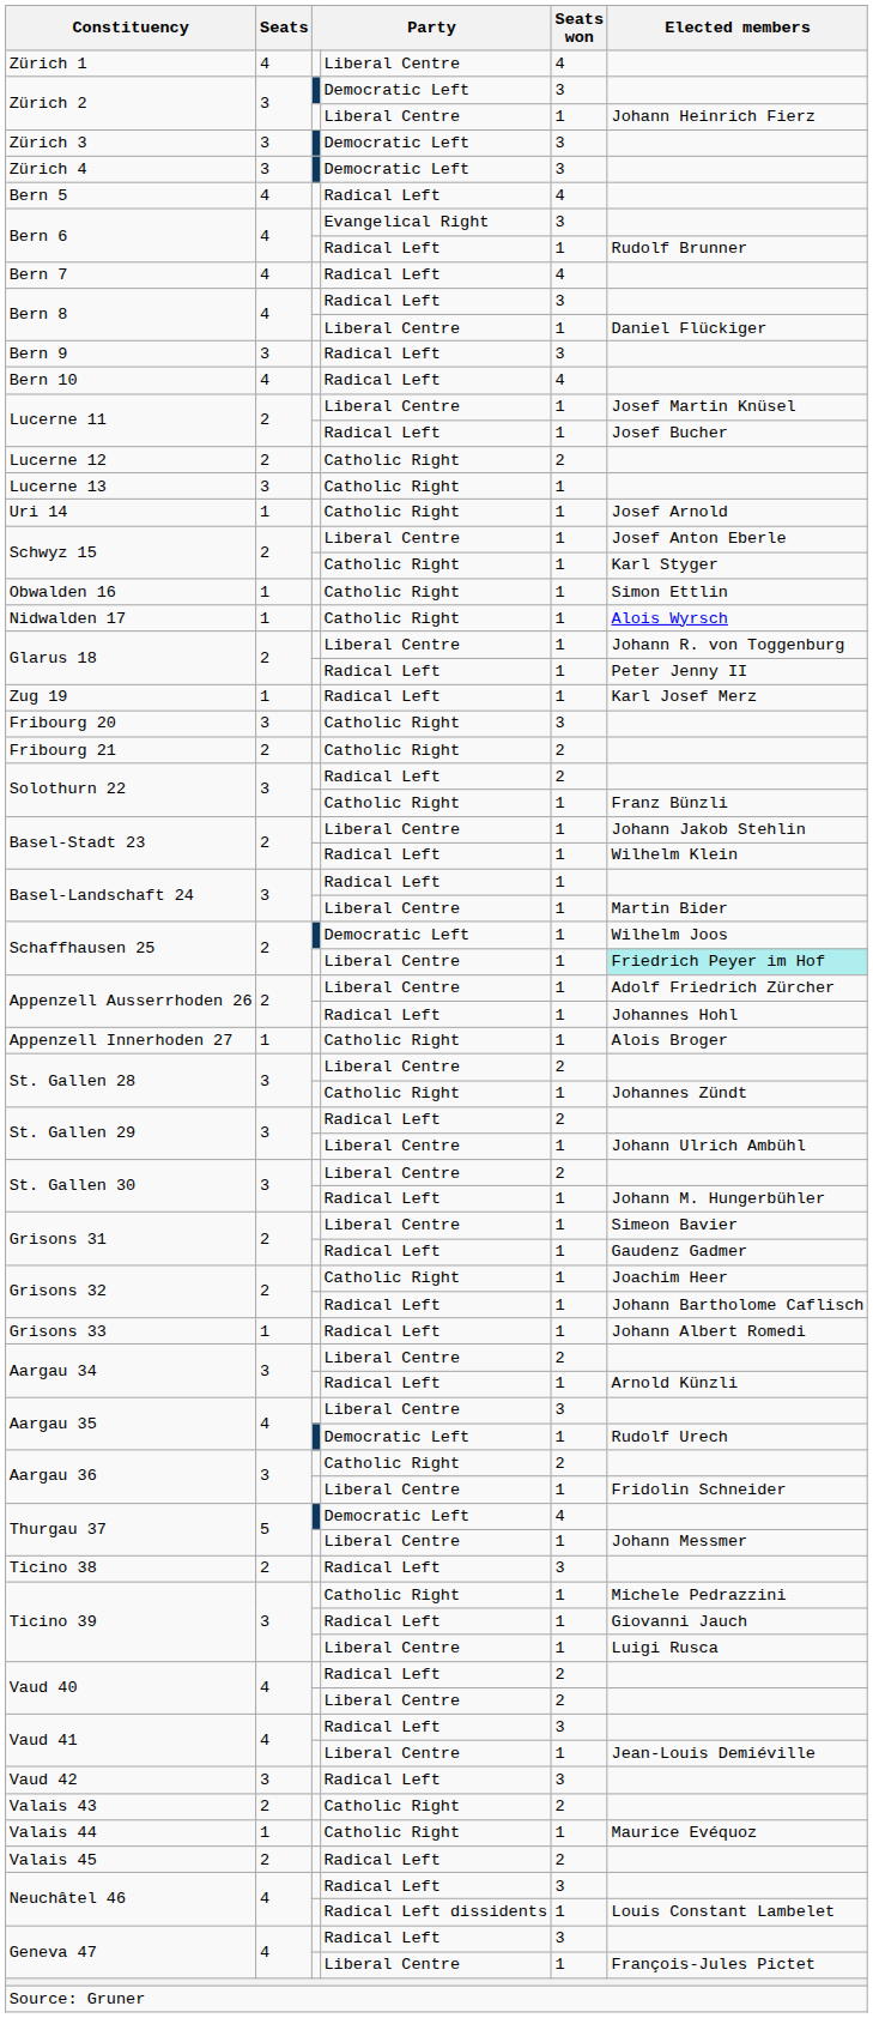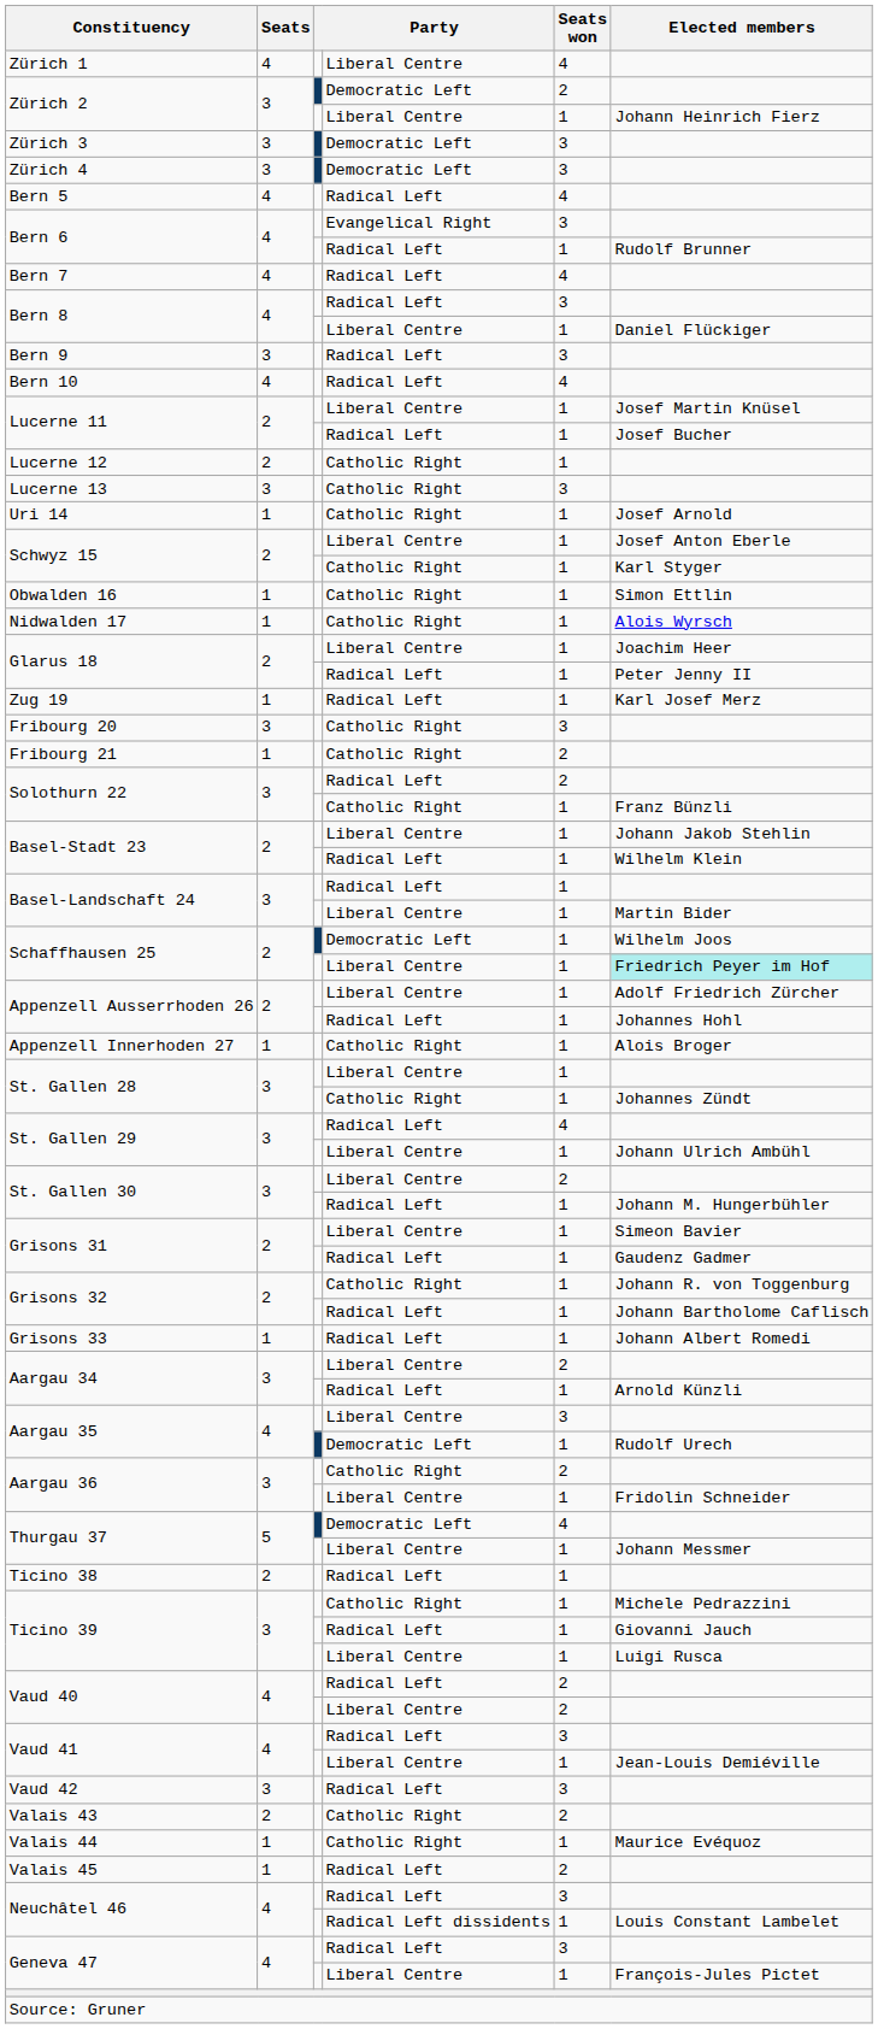 <table class="wikitable">
 <tr>
 <th>Constituency</th>
 <th>Seats</th>
 <th colspan="2">Party</th>
 <th>Seats<br>won</th>
 <th>Elected members</th>
 </tr>
 <tr>
 <td>Zürich 1</td>
 <td>4</td>
 <td style="color:inherit;background:"></td>
 <td>Liberal Centre</td>
 <td>4</td>
 <td></td>
 </tr>
 <tr>
 <td rowspan="2">Zürich 2</td>
 <td rowspan="2">3</td>
 <td style="color:inherit;background:#0B3861"></td>
 <td>Democratic Left</td>
-<td>3</td>
+<td>2</td>
 <td></td>
 </tr>
 <tr>
 <td style="color:inherit;background:"></td>
 <td>Liberal Centre</td>
 <td>1</td>
 <td>Johann Heinrich Fierz</td>
 </tr>
 <tr>
 <td>Zürich 3</td>
 <td>3</td>
 <td style="color:inherit;background:#0B3861"></td>
 <td>Democratic Left</td>
 <td>3</td>
 <td></td>
 </tr>
 <tr>
 <td>Zürich 4</td>
 <td>3</td>
 <td style="color:inherit;background:#0B3861"></td>
 <td>Democratic Left</td>
 <td>3</td>
 <td></td>
 </tr>
 <tr>
 <td>Bern 5</td>
 <td>4</td>
 <td style="color:inherit;background:"></td>
 <td>Radical Left</td>
 <td>4</td>
 <td></td>
 </tr>
 <tr>
 <td rowspan="2">Bern 6</td>
 <td rowspan="2">4</td>
 <td style="color:inherit;background:"></td>
 <td>Evangelical Right</td>
 <td>3</td>
 <td></td>
 </tr>
 <tr>
 <td style="color:inherit;background:"></td>
 <td>Radical Left</td>
 <td>1</td>
 <td>Rudolf Brunner</td>
 </tr>
 <tr>
 <td>Bern 7</td>
 <td>4</td>
 <td style="color:inherit;background:"></td>
 <td>Radical Left</td>
 <td>4</td>
 <td></td>
 </tr>
 <tr>
 <td rowspan="2">Bern 8</td>
 <td rowspan="2">4</td>
 <td style="color:inherit;background:"></td>
 <td>Radical Left</td>
 <td>3</td>
 <td></td>
 </tr>
 <tr>
 <td style="color:inherit;background:"></td>
 <td>Liberal Centre</td>
 <td>1</td>
 <td>Daniel Flückiger</td>
 </tr>
 <tr>
 <td>Bern 9</td>
 <td>3</td>
 <td style="color:inherit;background:"></td>
 <td>Radical Left</td>
 <td>3</td>
 <td></td>
 </tr>
 <tr>
 <td>Bern 10</td>
 <td>4</td>
 <td style="color:inherit;background:"></td>
 <td>Radical Left</td>
 <td>4</td>
 <td></td>
 </tr>
 <tr>
 <td rowspan="2">Lucerne 11</td>
 <td rowspan="2">2</td>
 <td style="color:inherit;background:"></td>
 <td>Liberal Centre</td>
 <td>1</td>
 <td>Josef Martin Knüsel</td>
 </tr>
 <tr>
 <td style="color:inherit;background:"></td>
 <td>Radical Left</td>
 <td>1</td>
 <td>Josef Bucher</td>
 </tr>
 <tr>
 <td>Lucerne 12</td>
 <td>2</td>
 <td style="color:inherit;background:"></td>
 <td>Catholic Right</td>
-<td>2</td>
+<td>1</td>
 <td></td>
 </tr>
 <tr>
 <td>Lucerne 13</td>
 <td>3</td>
 <td style="color:inherit;background:"></td>
 <td>Catholic Right</td>
-<td>1</td>
+<td>3</td>
 <td></td>
 </tr>
 <tr>
 <td>Uri 14</td>
 <td>1</td>
 <td style="color:inherit;background:"></td>
 <td>Catholic Right</td>
 <td>1</td>
 <td>Josef Arnold</td>
 </tr>
 <tr>
 <td rowspan="2">Schwyz 15</td>
 <td rowspan="2">2</td>
 <td style="color:inherit;background:"></td>
 <td>Liberal Centre</td>
 <td>1</td>
 <td>Josef Anton Eberle</td>
 </tr>
 <tr>
 <td style="color:inherit;background:"></td>
 <td>Catholic Right</td>
 <td>1</td>
 <td>Karl Styger</td>
 </tr>
 <tr>
 <td>Obwalden 16</td>
 <td>1</td>
 <td style="color:inherit;background:"></td>
 <td>Catholic Right</td>
 <td>1</td>
 <td>Simon Ettlin</td>
 </tr>
 <tr>
 <td>Nidwalden 17</td>
 <td>1</td>
 <td style="color:inherit;background:"></td>
 <td>Catholic Right</td>
 <td>1</td>
 <td><a href='#'>Alois Wyrsch</a></td>
 </tr>
 <tr>
 <td rowspan="2">Glarus 18</td>
 <td rowspan="2">2</td>
 <td style="color:inherit;background:"></td>
 <td>Liberal Centre</td>
 <td>1</td>
-<td>Johann R. von Toggenburg</td>
+<td>Joachim Heer</td>
 </tr>
 <tr>
 <td style="color:inherit;background:"></td>
 <td>Radical Left</td>
 <td>1</td>
 <td>Peter Jenny II</td>
 </tr>
 <tr>
 <td>Zug 19</td>
 <td>1</td>
 <td style="color:inherit;background:"></td>
 <td>Radical Left</td>
 <td>1</td>
 <td>Karl Josef Merz</td>
 </tr>
 <tr>
 <td>Fribourg 20</td>
 <td>3</td>
 <td style="color:inherit;background:"></td>
 <td>Catholic Right</td>
 <td>3</td>
 <td></td>
 </tr>
 <tr>
 <td>Fribourg 21</td>
-<td>2</td>
+<td>1</td>
 <td style="color:inherit;background:"></td>
 <td>Catholic Right</td>
 <td>2</td>
 <td></td>
 </tr>
 <tr>
 <td rowspan="2">Solothurn 22</td>
 <td rowspan="2">3</td>
 <td style="color:inherit;background:"></td>
 <td>Radical Left</td>
 <td>2</td>
 <td></td>
 </tr>
 <tr>
 <td style="color:inherit;background:"></td>
 <td>Catholic Right</td>
 <td>1</td>
 <td>Franz Bünzli</td>
 </tr>
 <tr>
 <td rowspan="2">Basel-Stadt 23</td>
 <td rowspan="2">2</td>
 <td style="color:inherit;background:"></td>
 <td>Liberal Centre</td>
 <td>1</td>
 <td>Johann Jakob Stehlin</td>
 </tr>
 <tr>
 <td style="color:inherit;background:"></td>
 <td>Radical Left</td>
 <td>1</td>
 <td>Wilhelm Klein</td>
 </tr>
 <tr>
 <td rowspan="2">Basel-Landschaft 24</td>
 <td rowspan="2">3</td>
 <td style="color:inherit;background:"></td>
 <td>Radical Left</td>
 <td>1</td>
 <td></td>
 </tr>
 <tr>
 <td style="color:inherit;background:"></td>
 <td>Liberal Centre</td>
 <td>1</td>
 <td>Martin Bider</td>
 </tr>
 <tr>
 <td rowspan="2">Schaffhausen 25</td>
 <td rowspan="2">2</td>
 <td style="color:inherit;background:#0B3861"></td>
 <td>Democratic Left</td>
 <td>1</td>
 <td>Wilhelm Joos</td>
 </tr>
 <tr>
 <td style="color:inherit;background:"></td>
 <td>Liberal Centre</td>
 <td>1</td>
 <td style="background: paleturquoise;">Friedrich Peyer im Hof</td>
 </tr>
 <tr>
 <td rowspan="2">Appenzell Ausserrhoden 26</td>
 <td rowspan="2">2</td>
 <td style="color:inherit;background:"></td>
 <td>Liberal Centre</td>
 <td>1</td>
 <td>Adolf Friedrich Zürcher</td>
 </tr>
 <tr>
 <td style="color:inherit;background:"></td>
 <td>Radical Left</td>
 <td>1</td>
 <td>Johannes Hohl</td>
 </tr>
 <tr>
 <td>Appenzell Innerhoden 27</td>
 <td>1</td>
 <td style="color:inherit;background:"></td>
 <td>Catholic Right</td>
 <td>1</td>
 <td>Alois Broger</td>
 </tr>
 <tr>
 <td rowspan="2">St. Gallen 28</td>
 <td rowspan="2">3</td>
 <td style="color:inherit;background:"></td>
 <td>Liberal Centre</td>
-<td>2</td>
+<td>1</td>
 <td></td>
 </tr>
 <tr>
 <td style="color:inherit;background:"></td>
 <td>Catholic Right</td>
 <td>1</td>
 <td>Johannes Zündt</td>
 </tr>
 <tr>
 <td rowspan="2">St. Gallen 29</td>
 <td rowspan="2">3</td>
 <td style="color:inherit;background:"></td>
 <td>Radical Left</td>
-<td>2</td>
+<td>4</td>
 <td></td>
 </tr>
 <tr>
 <td style="color:inherit;background:"></td>
 <td>Liberal Centre</td>
 <td>1</td>
 <td>Johann Ulrich Ambühl</td>
 </tr>
 <tr>
 <td rowspan="2">St. Gallen 30</td>
 <td rowspan="2">3</td>
 <td style="color:inherit;background:"></td>
 <td>Liberal Centre</td>
 <td>2</td>
 <td></td>
 </tr>
 <tr>
 <td style="color:inherit;background:"></td>
 <td>Radical Left</td>
 <td>1</td>
 <td>Johann M. Hungerbühler</td>
 </tr>
 <tr>
 <td rowspan="2">Grisons 31</td>
 <td rowspan="2">2</td>
 <td style="color:inherit;background:"></td>
 <td>Liberal Centre</td>
 <td>1</td>
 <td>Simeon Bavier</td>
 </tr>
 <tr>
 <td style="color:inherit;background:"></td>
 <td>Radical Left</td>
 <td>1</td>
 <td>Gaudenz Gadmer</td>
 </tr>
 <tr>
 <td rowspan="2">Grisons 32</td>
 <td rowspan="2">2</td>
 <td style="color:inherit;background:"></td>
 <td>Catholic Right</td>
 <td>1</td>
-<td>Joachim Heer</td>
+<td>Johann R. von Toggenburg</td>
 </tr>
 <tr>
 <td style="color:inherit;background:"></td>
 <td>Radical Left</td>
 <td>1</td>
 <td>Johann Bartholome Caflisch</td>
 </tr>
 <tr>
 <td>Grisons 33</td>
 <td>1</td>
 <td style="color:inherit;background:"></td>
 <td>Radical Left</td>
 <td>1</td>
 <td>Johann Albert Romedi</td>
 </tr>
 <tr>
 <td rowspan="2">Aargau 34</td>
 <td rowspan="2">3</td>
 <td style="color:inherit;background:"></td>
 <td>Liberal Centre</td>
 <td>2</td>
 <td></td>
 </tr>
 <tr>
 <td style="color:inherit;background:"></td>
 <td>Radical Left</td>
 <td>1</td>
 <td>Arnold Künzli</td>
 </tr>
 <tr>
 <td rowspan="2">Aargau 35</td>
 <td rowspan="2">4</td>
 <td style="color:inherit;background:"></td>
 <td>Liberal Centre</td>
 <td>3</td>
 <td></td>
 </tr>
 <tr>
 <td style="color:inherit;background:#0B3861"></td>
 <td>Democratic Left</td>
 <td>1</td>
 <td>Rudolf Urech</td>
 </tr>
 <tr>
 <td rowspan="2">Aargau 36</td>
 <td rowspan="2">3</td>
 <td style="color:inherit;background:"></td>
 <td>Catholic Right</td>
 <td>2</td>
 <td></td>
 </tr>
 <tr>
 <td style="color:inherit;background:"></td>
 <td>Liberal Centre</td>
 <td>1</td>
 <td>Fridolin Schneider</td>
 </tr>
 <tr>
 <td rowspan="2">Thurgau 37</td>
 <td rowspan="2">5</td>
 <td style="color:inherit;background:#0B3861"></td>
 <td>Democratic Left</td>
 <td>4</td>
 <td></td>
 </tr>
 <tr>
 <td style="color:inherit;background:"></td>
 <td>Liberal Centre</td>
 <td>1</td>
 <td>Johann Messmer</td>
 </tr>
 <tr>
 <td>Ticino 38</td>
 <td>2</td>
 <td style="color:inherit;background:"></td>
 <td>Radical Left</td>
-<td>3</td>
+<td>1</td>
 <td></td>
 </tr>
 <tr>
 <td rowspan="3">Ticino 39</td>
 <td rowspan="3">3</td>
 <td style="color:inherit;background:"></td>
 <td>Catholic Right</td>
 <td>1</td>
 <td>Michele Pedrazzini</td>
 </tr>
 <tr>
 <td style="color:inherit;background:"></td>
 <td>Radical Left</td>
 <td>1</td>
 <td>Giovanni Jauch</td>
 </tr>
 <tr>
 <td style="color:inherit;background:"></td>
 <td>Liberal Centre</td>
 <td>1</td>
 <td>Luigi Rusca</td>
 </tr>
 <tr>
 <td rowspan="2">Vaud 40</td>
 <td rowspan="2">4</td>
 <td style="color:inherit;background:"></td>
 <td>Radical Left</td>
 <td>2</td>
 <td></td>
 </tr>
 <tr>
 <td style="color:inherit;background:"></td>
 <td>Liberal Centre</td>
 <td>2</td>
 <td></td>
 </tr>
 <tr>
 <td rowspan="2">Vaud 41</td>
 <td rowspan="2">4</td>
 <td style="color:inherit;background:"></td>
 <td>Radical Left</td>
 <td>3</td>
 <td></td>
 </tr>
 <tr>
 <td style="color:inherit;background:"></td>
 <td>Liberal Centre</td>
 <td>1</td>
 <td>Jean-Louis Demiéville</td>
 </tr>
 <tr>
 <td>Vaud 42</td>
 <td>3</td>
 <td style="color:inherit;background:"></td>
 <td>Radical Left</td>
 <td>3</td>
 <td></td>
 </tr>
 <tr>
 <td>Valais 43</td>
 <td>2</td>
 <td style="color:inherit;background:"></td>
 <td>Catholic Right</td>
 <td>2</td>
 <td></td>
 </tr>
 <tr>
 <td>Valais 44</td>
 <td>1</td>
 <td style="color:inherit;background:"></td>
 <td>Catholic Right</td>
 <td>1</td>
 <td>Maurice Evéquoz</td>
 </tr>
 <tr>
 <td>Valais 45</td>
-<td>2</td>
+<td>1</td>
 <td style="color:inherit;background:"></td>
 <td>Radical Left</td>
 <td>2</td>
 <td></td>
 </tr>
 <tr>
 <td rowspan="2">Neuchâtel 46</td>
 <td rowspan="2">4</td>
 <td style="color:inherit;background:"></td>
 <td>Radical Left</td>
 <td>3</td>
 <td></td>
 </tr>
 <tr>
 <td style="color:inherit;background:"></td>
 <td>Radical Left dissidents</td>
 <td>1</td>
 <td>Louis Constant Lambelet</td>
 </tr>
 <tr>
 <td rowspan="2">Geneva 47</td>
 <td rowspan="2">4</td>
 <td style="color:inherit;background:"></td>
 <td>Radical Left</td>
 <td>3</td>
 <td></td>
 </tr>
 <tr>
 <td style="color:inherit;background:"></td>
 <td>Liberal Centre</td>
 <td>1</td>
 <td>François-Jules Pictet</td>
 </tr>
 <tr>
 <th colspan="6"></th>
 </tr>
 <tr>
 <td colspan="6">Source: Gruner</td>
 </tr>
 </table>
